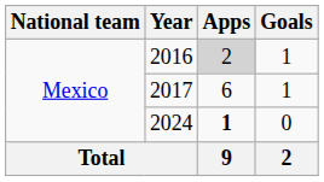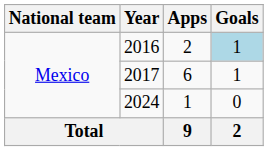 <table class="wikitable" style="text-align: center;">
 <tr>
 <th>National team</th>
 <th>Year</th>
 <th>Apps</th>
 <th>Goals</th>
 </tr>
 <tr>
 <td rowspan="3" valign="center"><a href='#'>Mexico</a></td>
 <td>2016</td>
-<td style="background: lightgrey;">2</td>
-<td>1</td>
+<td>2</td>
+<td style="background: lightblue;">1</td>
 </tr>
 <tr>
 <td>2017</td>
 <td>6</td>
 <td>1</td>
 </tr>
 <tr>
 <td>2024</td>
-<td><strong>1</strong></td>
+<td>1</td>
 <td>0</td>
 </tr>
 <tr>
 <th colspan="2">Total</th>
 <th>9</th>
 <th>2</th>
 </tr>
 </table>
